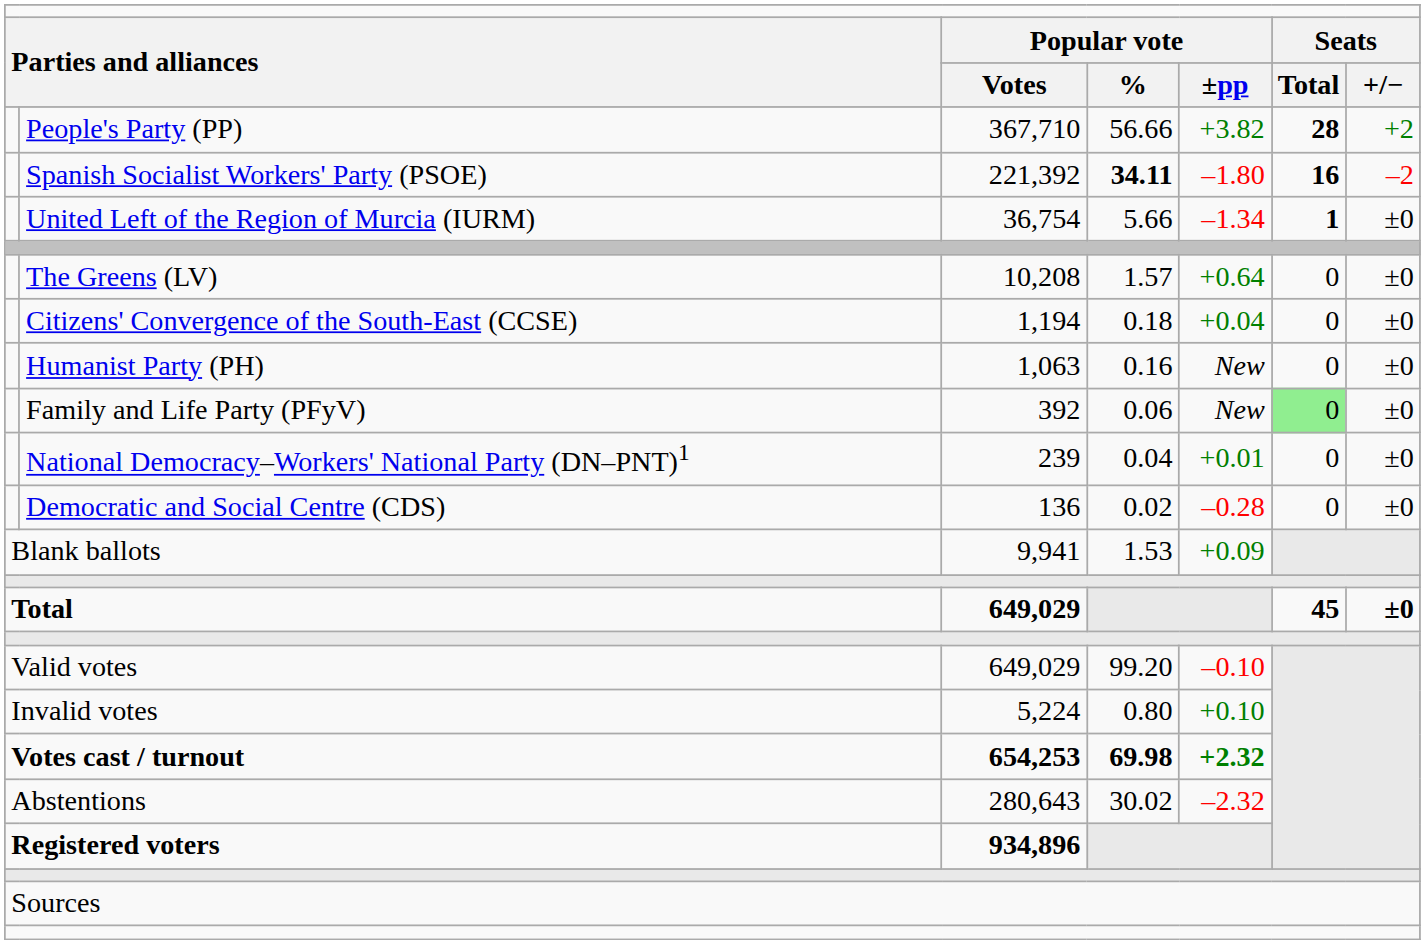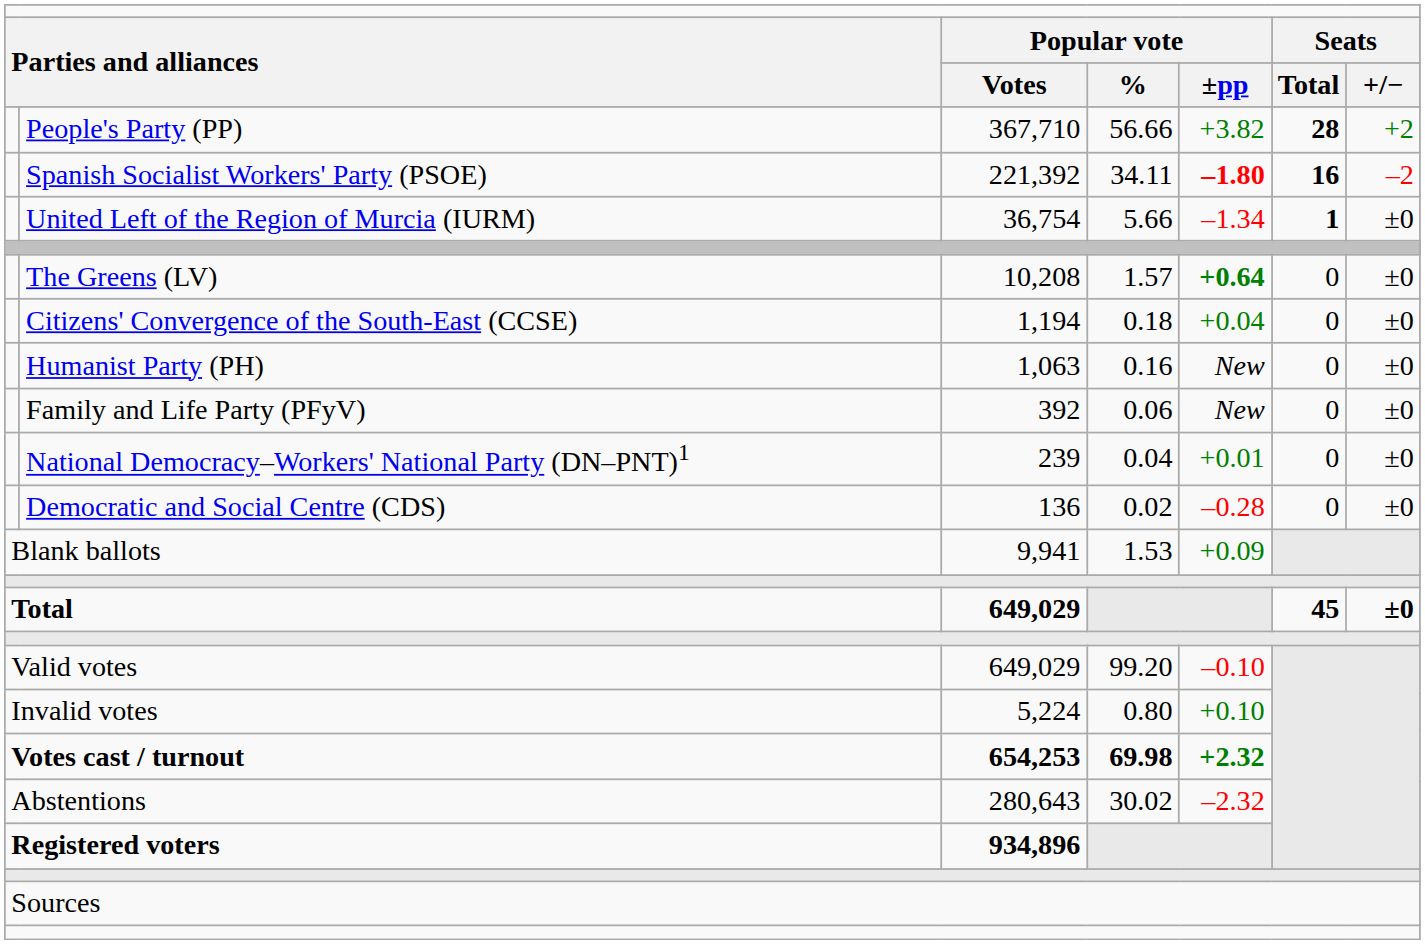 <table class="wikitable" style="text-align:right;">
 <tr>
 <td colspan="7"></td>
 </tr>
 <tr>
 <th style="text-align:left;" rowspan="2" colspan="2" width="525">Parties and alliances</th>
 <th colspan="3">Popular vote</th>
 <th colspan="2">Seats</th>
 </tr>
 <tr>
 <th width="75">Votes</th>
 <th width="45">%</th>
 <th width="45">±<a href='#'>pp</a></th>
 <th width="35">Total</th>
 <th width="35">+/−</th>
 </tr>
 <tr>
 <td width="1" style="color:inherit;background:"></td>
 <td align="left"><a href='#'>People's Party</a> (PP)</td>
 <td>367,710</td>
 <td>56.66</td>
 <td style="color:green;">+3.82</td>
 <td><strong>28</strong></td>
 <td style="color:green;">+2</td>
 </tr>
 <tr>
 <td style="color:inherit;background:"></td>
 <td align="left"><a href='#'>Spanish Socialist Workers' Party</a> (PSOE)</td>
 <td>221,392</td>
-<td><strong>34.11</strong></td>
-<td style="color:red;">–1.80</td>
+<td>34.11</td>
+<td style="color:red;"><strong>–1.80</strong></td>
 <td><strong>16</strong></td>
 <td style="color:red;">–2</td>
 </tr>
 <tr>
 <td style="color:inherit;background:"></td>
 <td align="left"><a href='#'>United Left of the Region of Murcia</a> (IURM)</td>
 <td>36,754</td>
 <td>5.66</td>
 <td style="color:red;">–1.34</td>
 <td><strong>1</strong></td>
 <td>±0</td>
 </tr>
 <tr>
 <td colspan="7" bgcolor="#C0C0C0"></td>
 </tr>
 <tr>
 <td style="color:inherit;background:"></td>
 <td align="left"><a href='#'>The Greens</a> (LV)</td>
 <td>10,208</td>
 <td>1.57</td>
-<td style="color:green;">+0.64</td>
+<td style="color:green;"><strong>+0.64</strong></td>
 <td>0</td>
 <td>±0</td>
 </tr>
 <tr>
 <td style="color:inherit;background:"></td>
 <td align="left"><a href='#'>Citizens' Convergence of the South-East</a> (CCSE)</td>
 <td>1,194</td>
 <td>0.18</td>
 <td style="color:green;">+0.04</td>
 <td>0</td>
 <td>±0</td>
 </tr>
 <tr>
 <td style="color:inherit;background:"></td>
 <td align="left"><a href='#'>Humanist Party</a> (PH)</td>
 <td>1,063</td>
 <td>0.16</td>
 <td><em>New</em></td>
 <td>0</td>
 <td>±0</td>
 </tr>
 <tr>
 <td style="color:inherit;background:"></td>
 <td align="left">Family and Life Party (PFyV)</td>
 <td>392</td>
 <td>0.06</td>
 <td><em>New</em></td>
-<td style="background: lightgreen;">0</td>
+<td>0</td>
 <td>±0</td>
 </tr>
 <tr>
 <td style="color:inherit;background:"></td>
 <td align="left"><a href='#'>National Democracy</a>–<a href='#'>Workers' National Party</a> (DN–PNT)<sup>1</sup></td>
 <td>239</td>
 <td>0.04</td>
 <td style="color:green;">+0.01</td>
 <td>0</td>
 <td>±0</td>
 </tr>
 <tr>
 <td style="color:inherit;background:"></td>
 <td align="left"><a href='#'>Democratic and Social Centre</a> (CDS)</td>
 <td>136</td>
 <td>0.02</td>
 <td style="color:red;">–0.28</td>
 <td>0</td>
 <td>±0</td>
 </tr>
 <tr>
 <td align="left" colspan="2">Blank ballots</td>
 <td>9,941</td>
 <td>1.53</td>
 <td style="color:green;">+0.09</td>
 <td bgcolor="#E9E9E9" colspan="2"></td>
 </tr>
 <tr>
 <td colspan="7" bgcolor="#E9E9E9"></td>
 </tr>
 <tr style="font-weight:bold;">
 <td align="left" colspan="2">Total</td>
 <td>649,029</td>
 <td bgcolor="#E9E9E9" colspan="2"></td>
 <td>45</td>
 <td>±0</td>
 </tr>
 <tr>
 <td colspan="7" bgcolor="#E9E9E9"></td>
 </tr>
 <tr>
 <td align="left" colspan="2">Valid votes</td>
 <td>649,029</td>
 <td>99.20</td>
 <td style="color:red;">–0.10</td>
 <td bgcolor="#E9E9E9" colspan="2" rowspan="5"></td>
 </tr>
 <tr>
 <td align="left" colspan="2">Invalid votes</td>
 <td>5,224</td>
 <td>0.80</td>
 <td style="color:green;">+0.10</td>
 </tr>
 <tr style="font-weight:bold;">
 <td align="left" colspan="2">Votes cast / turnout</td>
 <td>654,253</td>
 <td>69.98</td>
 <td style="color:green;">+2.32</td>
 </tr>
 <tr>
 <td align="left" colspan="2">Abstentions</td>
 <td>280,643</td>
 <td>30.02</td>
 <td style="color:red;">–2.32</td>
 </tr>
 <tr style="font-weight:bold;">
 <td align="left" colspan="2">Registered voters</td>
 <td>934,896</td>
 <td bgcolor="#E9E9E9" colspan="2"></td>
 </tr>
 <tr>
 <td colspan="7" bgcolor="#E9E9E9"></td>
 </tr>
 <tr>
 <td align="left" colspan="7">Sources</td>
 </tr>
 <tr>
 <td colspan="7" style="text-align:left; max-width:790px;"></td>
 </tr>
 </table>
